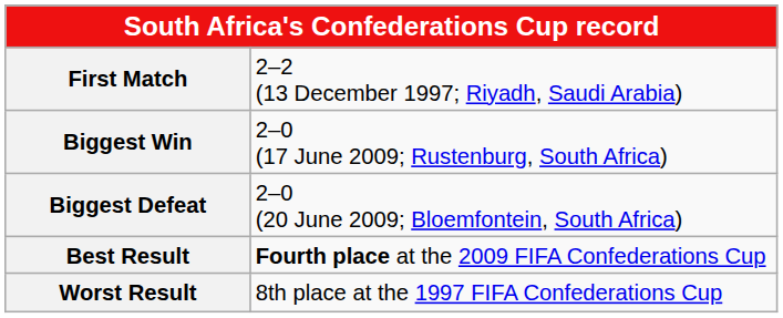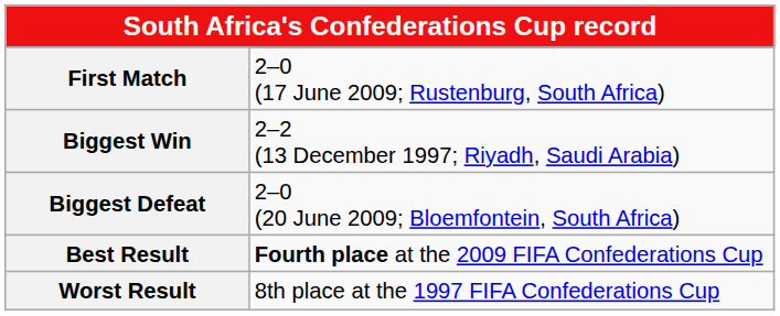 <table class="wikitable collapsible collapsed" style="width:35%; font-size:80%;">
 <tr>
 </tr>
 <tr style="color:white;">
 <th style="background:#e11; width:20%;" colspan="6"><big> South Africa's Confederations Cup record</big></th>
 </tr>
 <tr>
 <th width=10%>First Match</th>
-<td width=23%><div> 2–2 <br> (13 December 1997; <a href='#'>Riyadh</a>, <a href='#'>Saudi Arabia</a>)</div></td>
+<td width=23%><div> 2–0 <br> (17 June 2009; <a href='#'>Rustenburg</a>, <a href='#'>South Africa</a>)</div></td>
 </tr>
 <tr>
 <th width=10%>Biggest Win</th>
-<td width=23%><div> 2–0 <br> (17 June 2009; <a href='#'>Rustenburg</a>, <a href='#'>South Africa</a>)</div></td>
+<td width=23%><div> 2–2 <br> (13 December 1997; <a href='#'>Riyadh</a>, <a href='#'>Saudi Arabia</a>)</div></td>
 </tr>
 <tr>
 <th width=10%>Biggest Defeat</th>
 <td width=23%><div> 2–0 <br> (20 June 2009; <a href='#'>Bloemfontein</a>, <a href='#'>South Africa</a>)</div></td>
 </tr>
 <tr>
 <th width=10%>Best Result</th>
 <td width=23%><div><strong>Fourth place</strong> at the <a href='#'>2009 FIFA Confederations Cup</a></div></td>
 </tr>
 <tr>
 <th width=10%>Worst Result</th>
 <td width=23%><div>8th place at the <a href='#'>1997 FIFA Confederations Cup</a></div></td>
 </tr>
 </table>
